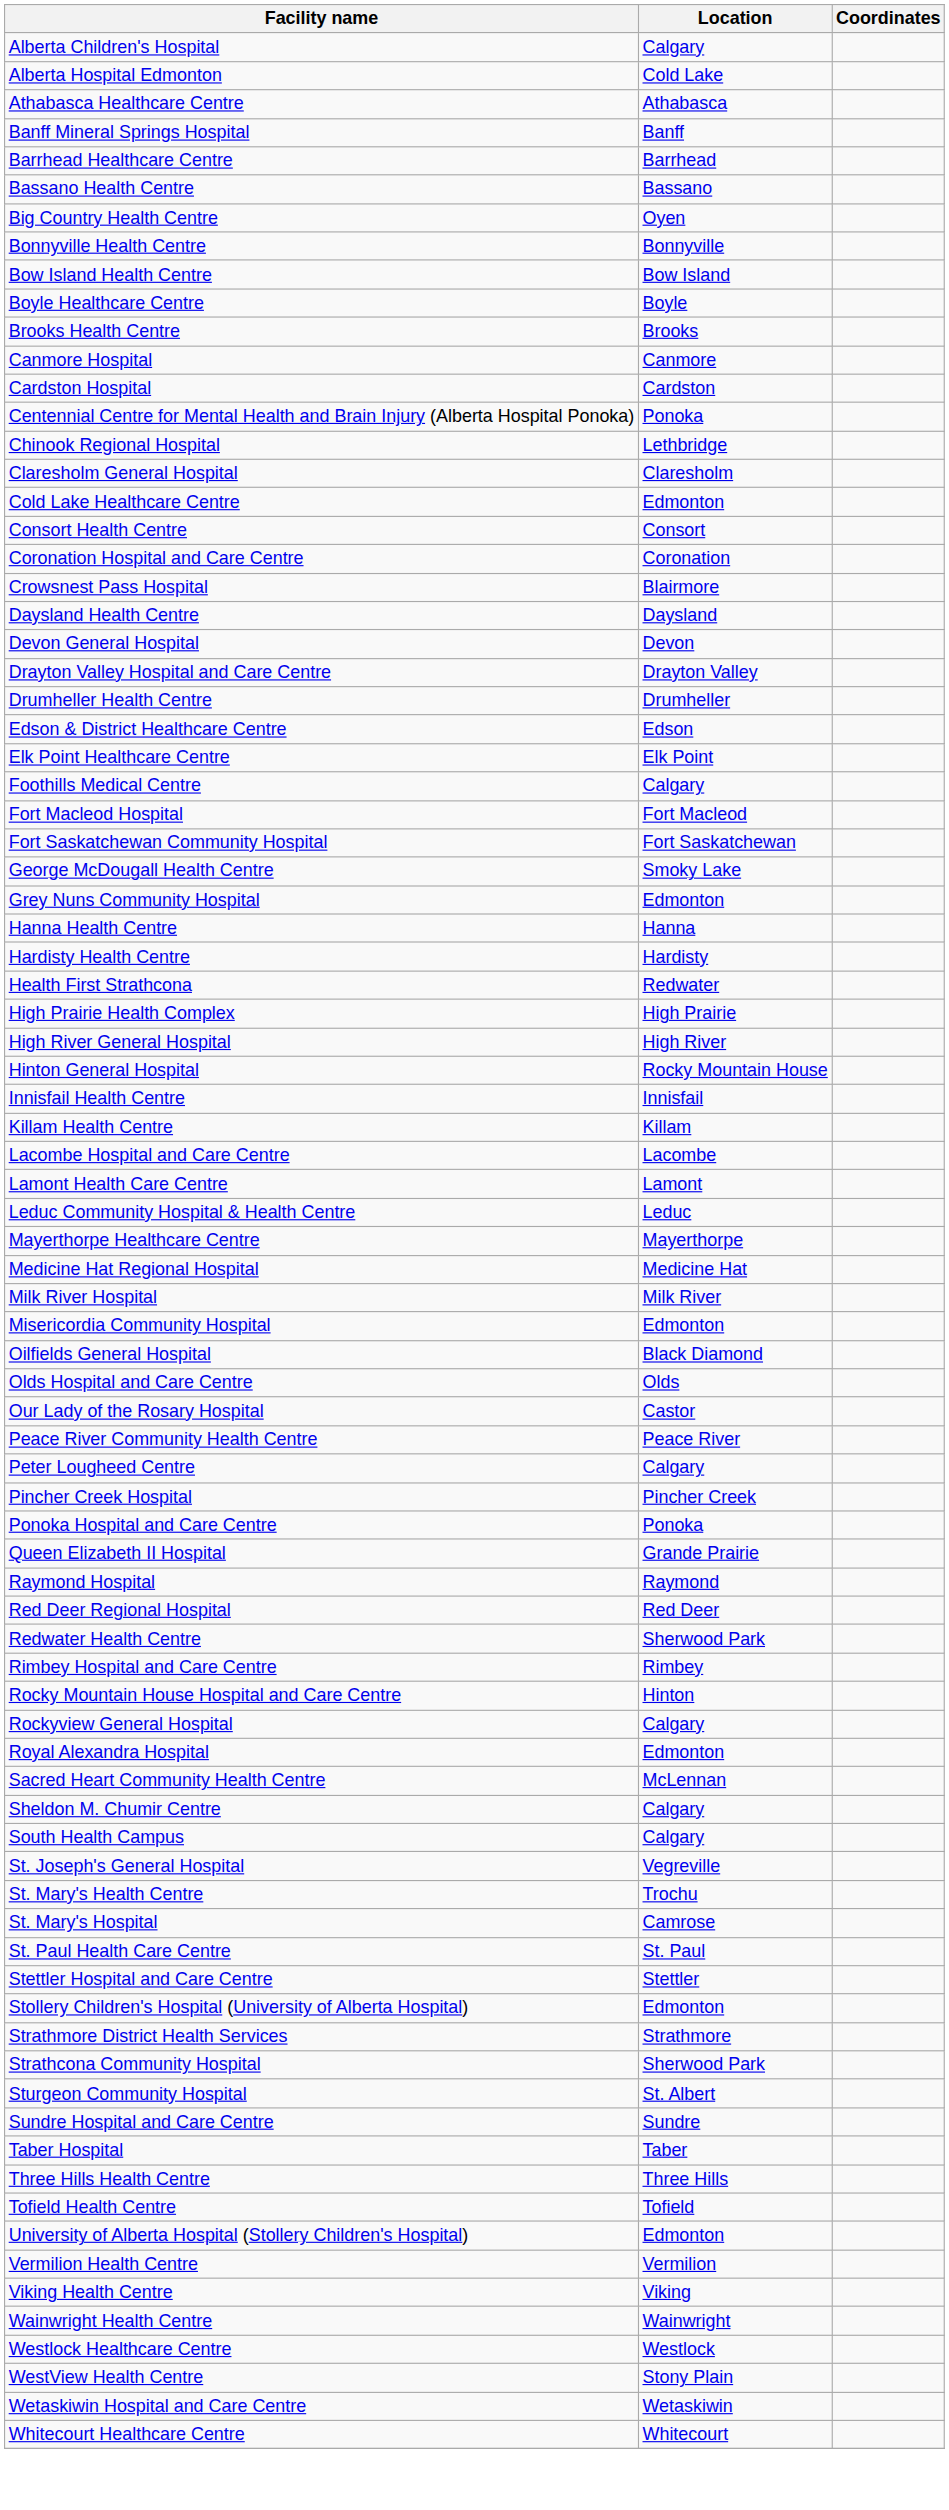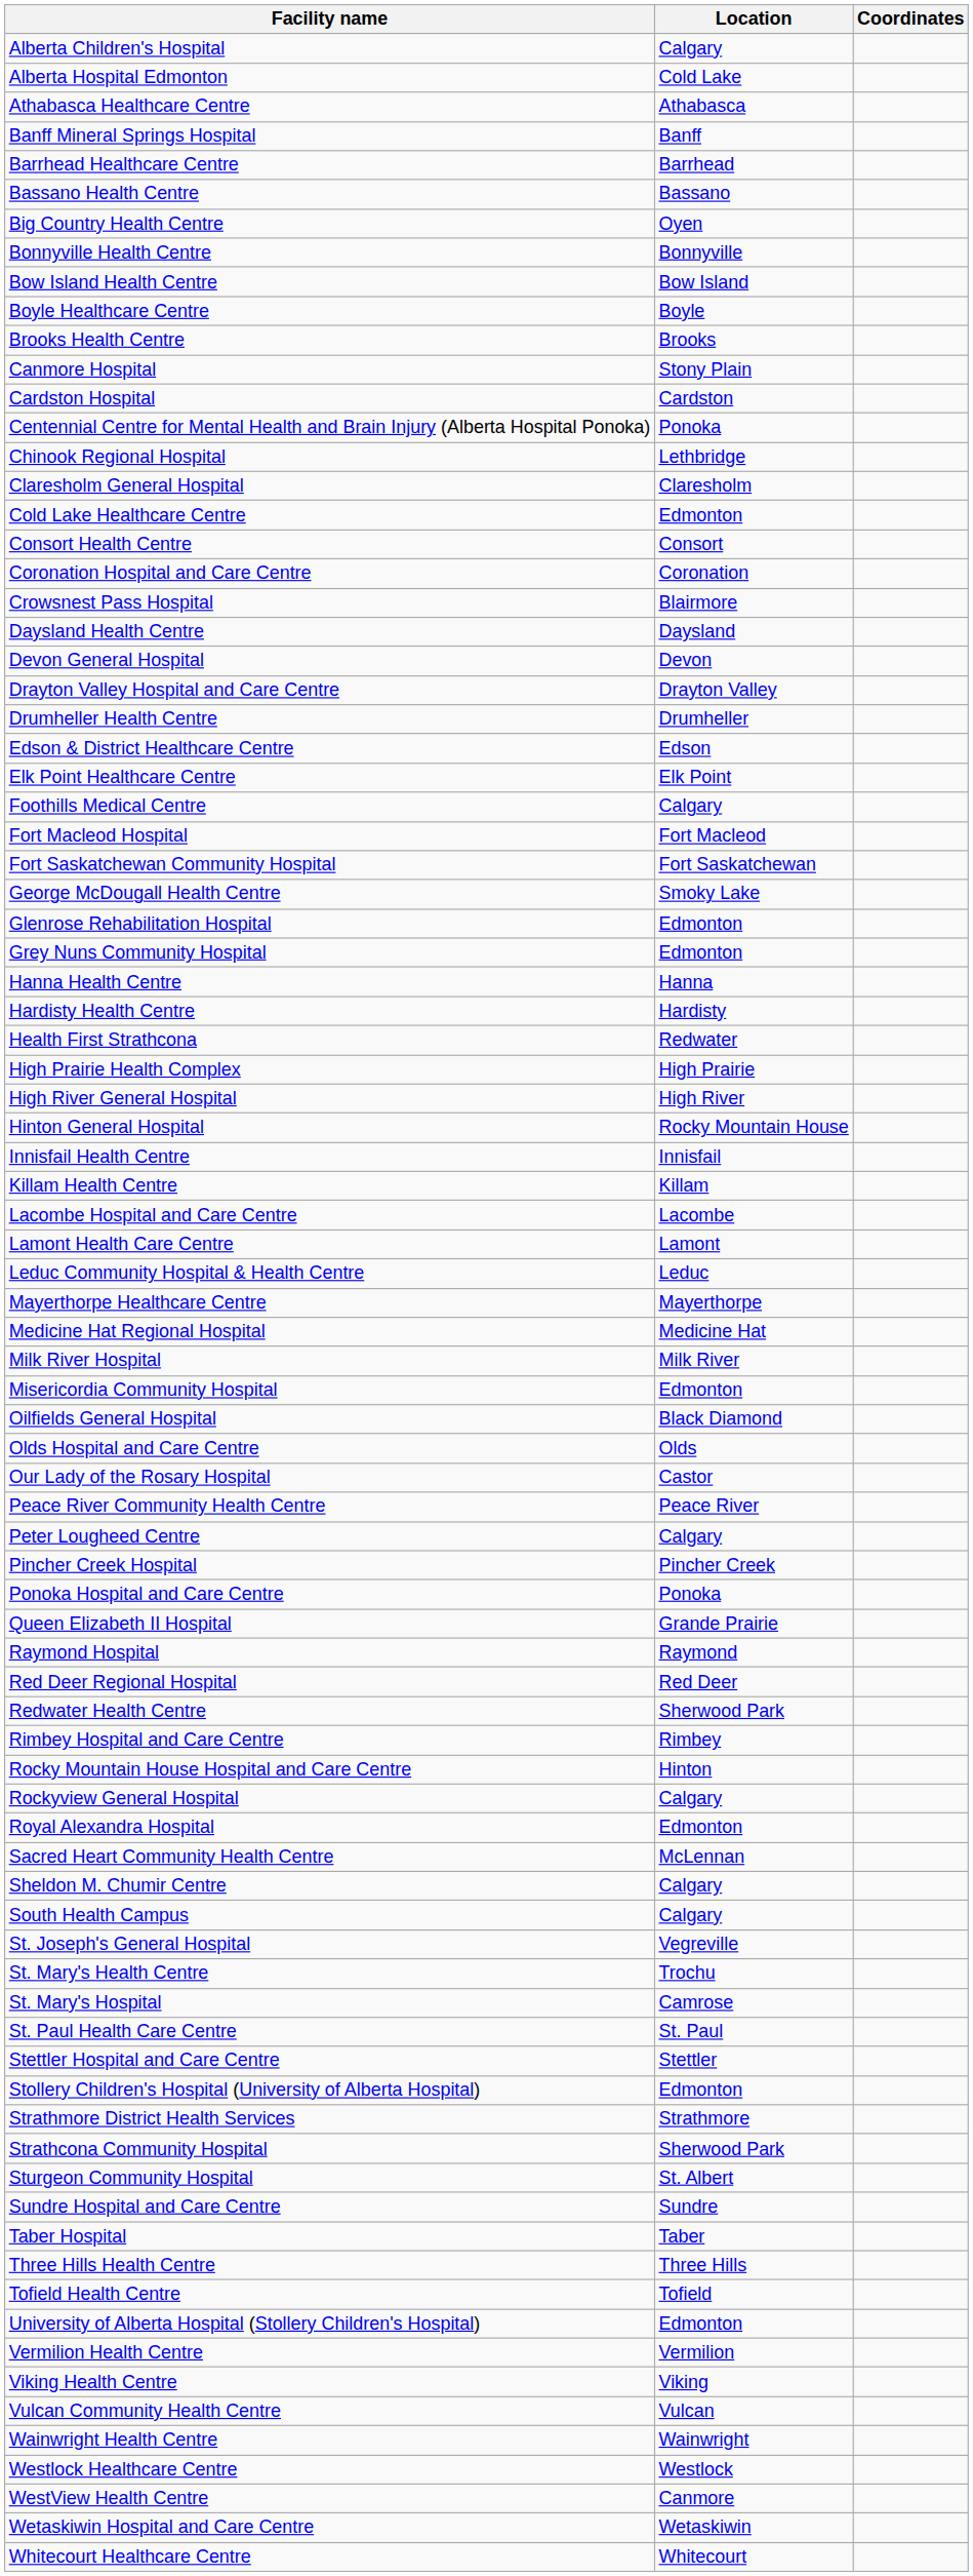 <table class="wikitable sortable sticky-header">
 <tr>
 <th>Facility name</th>
 <th>Location</th>
 <th>Coordinates</th>
 </tr>
 <tr>
 <td><a href='#'>Alberta Children's Hospital</a></td>
 <td><a href='#'>Calgary</a></td>
 <td></td>
 </tr>
 <tr>
 <td><a href='#'>Alberta Hospital Edmonton</a></td>
 <td><a href='#'>Cold Lake</a></td>
 <td></td>
 </tr>
 <tr>
 <td><a href='#'>Athabasca Healthcare Centre</a></td>
 <td><a href='#'>Athabasca</a></td>
 <td></td>
 </tr>
 <tr>
 <td><a href='#'>Banff Mineral Springs Hospital</a></td>
 <td><a href='#'>Banff</a></td>
 <td></td>
 </tr>
 <tr>
 <td><a href='#'>Barrhead Healthcare Centre</a></td>
 <td><a href='#'>Barrhead</a></td>
 <td></td>
 </tr>
 <tr>
 <td><a href='#'>Bassano Health Centre</a></td>
 <td><a href='#'>Bassano</a></td>
 <td></td>
 </tr>
 <tr>
 <td><a href='#'>Big Country Health Centre</a></td>
 <td><a href='#'>Oyen</a></td>
 <td></td>
 </tr>
 <tr>
 <td><a href='#'>Bonnyville Health Centre</a></td>
 <td><a href='#'>Bonnyville</a></td>
 <td></td>
 </tr>
 <tr>
 <td><a href='#'>Bow Island Health Centre</a></td>
 <td><a href='#'>Bow Island</a></td>
 <td></td>
 </tr>
 <tr>
 <td><a href='#'>Boyle Healthcare Centre</a></td>
 <td><a href='#'>Boyle</a></td>
 <td></td>
 </tr>
 <tr>
 <td><a href='#'>Brooks Health Centre</a></td>
 <td><a href='#'>Brooks</a></td>
 <td></td>
 </tr>
 <tr>
 <td><a href='#'>Canmore Hospital</a></td>
-<td><a href='#'>Canmore</a></td>
+<td><a href='#'>Stony Plain</a></td>
 <td></td>
 </tr>
 <tr>
 <td><a href='#'>Cardston Hospital</a></td>
 <td><a href='#'>Cardston</a></td>
 <td></td>
 </tr>
 <tr>
 <td><a href='#'>Centennial Centre for Mental Health and Brain Injury</a> (Alberta Hospital Ponoka)</td>
 <td><a href='#'>Ponoka</a></td>
 <td></td>
 </tr>
 <tr>
 <td><a href='#'>Chinook Regional Hospital</a></td>
 <td><a href='#'>Lethbridge</a></td>
 <td></td>
 </tr>
 <tr>
 <td><a href='#'>Claresholm General Hospital</a></td>
 <td><a href='#'>Claresholm</a></td>
 <td></td>
 </tr>
 <tr>
 <td><a href='#'>Cold Lake Healthcare Centre</a></td>
 <td><a href='#'>Edmonton</a></td>
 <td></td>
 </tr>
 <tr>
 <td><a href='#'>Consort Health Centre</a></td>
 <td><a href='#'>Consort</a></td>
 <td></td>
 </tr>
 <tr>
 <td><a href='#'>Coronation Hospital and Care Centre</a></td>
 <td><a href='#'>Coronation</a></td>
 <td></td>
 </tr>
 <tr>
 <td><a href='#'>Crowsnest Pass Hospital</a></td>
 <td><a href='#'>Blairmore</a></td>
 <td></td>
 </tr>
 <tr>
 <td><a href='#'>Daysland Health Centre</a></td>
 <td><a href='#'>Daysland</a></td>
 <td></td>
 </tr>
 <tr>
 <td><a href='#'>Devon General Hospital</a></td>
 <td><a href='#'>Devon</a></td>
 <td></td>
 </tr>
 <tr>
 <td><a href='#'>Drayton Valley Hospital and Care Centre</a></td>
 <td><a href='#'>Drayton Valley</a></td>
 <td></td>
 </tr>
 <tr>
 <td><a href='#'>Drumheller Health Centre</a></td>
 <td><a href='#'>Drumheller</a></td>
 <td></td>
 </tr>
 <tr>
 <td><a href='#'>Edson & District Healthcare Centre</a></td>
 <td><a href='#'>Edson</a></td>
 <td></td>
 </tr>
 <tr>
 <td><a href='#'>Elk Point Healthcare Centre</a></td>
 <td><a href='#'>Elk Point</a></td>
 <td></td>
 </tr>
 <tr>
 <td><a href='#'>Foothills Medical Centre</a></td>
 <td><a href='#'>Calgary</a></td>
 <td></td>
 </tr>
 <tr>
 <td><a href='#'>Fort Macleod Hospital</a></td>
 <td><a href='#'>Fort Macleod</a></td>
 <td></td>
 </tr>
 <tr>
 <td><a href='#'>Fort Saskatchewan Community Hospital</a></td>
 <td><a href='#'>Fort Saskatchewan</a></td>
 <td></td>
 </tr>
 <tr>
 <td><a href='#'>George McDougall Health Centre</a></td>
 <td><a href='#'>Smoky Lake</a></td>
+<td></td>
+</tr>
+<tr>
+<td><a href='#'>Glenrose Rehabilitation Hospital</a></td>
+<td><a href='#'>Edmonton</a></td>
 <td></td>
 </tr>
 <tr>
 <td><a href='#'>Grey Nuns Community Hospital</a></td>
 <td><a href='#'>Edmonton</a></td>
 <td></td>
 </tr>
 <tr>
 <td><a href='#'>Hanna Health Centre</a></td>
 <td><a href='#'>Hanna</a></td>
 <td></td>
 </tr>
 <tr>
 <td><a href='#'>Hardisty Health Centre</a></td>
 <td><a href='#'>Hardisty</a></td>
 <td></td>
 </tr>
 <tr>
 <td><a href='#'>Health First Strathcona</a></td>
 <td><a href='#'>Redwater</a></td>
 <td></td>
 </tr>
 <tr>
 <td><a href='#'>High Prairie Health Complex</a></td>
 <td><a href='#'>High Prairie</a></td>
 <td></td>
 </tr>
 <tr>
 <td><a href='#'>High River General Hospital</a></td>
 <td><a href='#'>High River</a></td>
 <td></td>
 </tr>
 <tr>
 <td><a href='#'>Hinton General Hospital</a></td>
 <td><a href='#'>Rocky Mountain House</a></td>
 <td></td>
 </tr>
 <tr>
 <td><a href='#'>Innisfail Health Centre</a></td>
 <td><a href='#'>Innisfail</a></td>
 <td></td>
 </tr>
 <tr>
 <td><a href='#'>Killam Health Centre</a></td>
 <td><a href='#'>Killam</a></td>
 <td></td>
 </tr>
 <tr>
 <td><a href='#'>Lacombe Hospital and Care Centre</a></td>
 <td><a href='#'>Lacombe</a></td>
 <td></td>
 </tr>
 <tr>
 <td><a href='#'>Lamont Health Care Centre</a></td>
 <td><a href='#'>Lamont</a></td>
 <td></td>
 </tr>
 <tr>
 <td><a href='#'>Leduc Community Hospital & Health Centre</a></td>
 <td><a href='#'>Leduc</a></td>
 <td></td>
 </tr>
 <tr>
 <td><a href='#'>Mayerthorpe Healthcare Centre</a></td>
 <td><a href='#'>Mayerthorpe</a></td>
 <td></td>
 </tr>
 <tr>
 <td><a href='#'>Medicine Hat Regional Hospital</a></td>
 <td><a href='#'>Medicine Hat</a></td>
 <td></td>
 </tr>
 <tr>
 <td><a href='#'>Milk River Hospital</a></td>
 <td><a href='#'>Milk River</a></td>
 <td></td>
 </tr>
 <tr>
 <td><a href='#'>Misericordia Community Hospital</a></td>
 <td><a href='#'>Edmonton</a></td>
 <td></td>
 </tr>
 <tr>
 <td><a href='#'>Oilfields General Hospital</a></td>
 <td><a href='#'>Black Diamond</a></td>
 <td></td>
 </tr>
 <tr>
 <td><a href='#'>Olds Hospital and Care Centre</a></td>
 <td><a href='#'>Olds</a></td>
 <td></td>
 </tr>
 <tr>
 <td><a href='#'>Our Lady of the Rosary Hospital</a></td>
 <td><a href='#'>Castor</a></td>
 <td></td>
 </tr>
 <tr>
 <td><a href='#'>Peace River Community Health Centre</a></td>
 <td><a href='#'>Peace River</a></td>
 <td></td>
 </tr>
 <tr>
 <td><a href='#'>Peter Lougheed Centre</a></td>
 <td><a href='#'>Calgary</a></td>
 <td></td>
 </tr>
 <tr>
 <td><a href='#'>Pincher Creek Hospital</a></td>
 <td><a href='#'>Pincher Creek</a></td>
 <td></td>
 </tr>
 <tr>
 <td><a href='#'>Ponoka Hospital and Care Centre</a></td>
 <td><a href='#'>Ponoka</a></td>
 <td></td>
 </tr>
 <tr>
 <td><a href='#'>Queen Elizabeth II Hospital</a></td>
 <td><a href='#'>Grande Prairie</a></td>
 <td></td>
 </tr>
 <tr>
 <td><a href='#'>Raymond Hospital</a></td>
 <td><a href='#'>Raymond</a></td>
 <td></td>
 </tr>
 <tr>
 <td><a href='#'>Red Deer Regional Hospital</a></td>
 <td><a href='#'>Red Deer</a></td>
 <td></td>
 </tr>
 <tr>
 <td><a href='#'>Redwater Health Centre</a></td>
 <td><a href='#'>Sherwood Park</a></td>
 <td><br></td>
 </tr>
 <tr>
 <td><a href='#'>Rimbey Hospital and Care Centre</a></td>
 <td><a href='#'>Rimbey</a></td>
 <td></td>
 </tr>
 <tr>
 <td><a href='#'>Rocky Mountain House Hospital and Care Centre</a></td>
 <td><a href='#'>Hinton</a></td>
 <td></td>
 </tr>
 <tr>
 <td><a href='#'>Rockyview General Hospital</a></td>
 <td><a href='#'>Calgary</a></td>
 <td></td>
 </tr>
 <tr>
 <td><a href='#'>Royal Alexandra Hospital</a></td>
 <td><a href='#'>Edmonton</a></td>
 <td></td>
 </tr>
 <tr>
 <td><a href='#'>Sacred Heart Community Health Centre</a></td>
 <td><a href='#'>McLennan</a></td>
 <td></td>
 </tr>
 <tr>
 <td><a href='#'>Sheldon M. Chumir Centre</a></td>
 <td><a href='#'>Calgary</a></td>
 <td></td>
 </tr>
 <tr>
 <td><a href='#'>South Health Campus</a></td>
 <td><a href='#'>Calgary</a></td>
 <td></td>
 </tr>
 <tr>
 <td><a href='#'>St. Joseph's General Hospital</a></td>
 <td><a href='#'>Vegreville</a></td>
 <td></td>
 </tr>
 <tr>
 <td><a href='#'>St. Mary's Health Centre</a></td>
 <td><a href='#'>Trochu</a></td>
 <td></td>
 </tr>
 <tr>
 <td><a href='#'>St. Mary's Hospital</a></td>
 <td><a href='#'>Camrose</a></td>
 <td></td>
 </tr>
 <tr>
 <td><a href='#'>St. Paul Health Care Centre</a></td>
 <td><a href='#'>St. Paul</a></td>
 <td></td>
 </tr>
 <tr>
 <td><a href='#'>Stettler Hospital and Care Centre</a></td>
 <td><a href='#'>Stettler</a></td>
 <td></td>
 </tr>
 <tr>
 <td><a href='#'>Stollery Children's Hospital</a> (<a href='#'>University of Alberta Hospital</a>)</td>
 <td><a href='#'>Edmonton</a></td>
 <td></td>
 </tr>
 <tr>
 <td><a href='#'>Strathmore District Health Services</a></td>
 <td><a href='#'>Strathmore</a></td>
 <td></td>
 </tr>
 <tr>
 <td><a href='#'>Strathcona Community Hospital</a></td>
 <td><a href='#'>Sherwood Park</a></td>
 <td></td>
 </tr>
 <tr>
 <td><a href='#'>Sturgeon Community Hospital</a></td>
 <td><a href='#'>St. Albert</a></td>
 <td></td>
 </tr>
 <tr>
 <td><a href='#'>Sundre Hospital and Care Centre</a></td>
 <td><a href='#'>Sundre</a></td>
 <td></td>
 </tr>
 <tr>
 <td><a href='#'>Taber Hospital</a></td>
 <td><a href='#'>Taber</a></td>
 <td></td>
 </tr>
 <tr>
 <td><a href='#'>Three Hills Health Centre</a></td>
 <td><a href='#'>Three Hills</a></td>
 <td></td>
 </tr>
 <tr>
 <td><a href='#'>Tofield Health Centre</a></td>
 <td><a href='#'>Tofield</a></td>
 <td></td>
 </tr>
 <tr>
 <td><a href='#'>University of Alberta Hospital</a> (<a href='#'>Stollery Children's Hospital</a>)</td>
 <td><a href='#'>Edmonton</a></td>
 <td></td>
 </tr>
 <tr>
 <td><a href='#'>Vermilion Health Centre</a></td>
 <td><a href='#'>Vermilion</a></td>
 <td></td>
 </tr>
 <tr>
 <td><a href='#'>Viking Health Centre</a></td>
 <td><a href='#'>Viking</a></td>
 <td></td>
 </tr>
 <tr>
+<td><a href='#'>Vulcan Community Health Centre</a></td>
+<td><a href='#'>Vulcan</a></td>
+<td></td>
+</tr>
+<tr>
 <td><a href='#'>Wainwright Health Centre</a></td>
 <td><a href='#'>Wainwright</a></td>
 <td></td>
 </tr>
 <tr>
 <td><a href='#'>Westlock Healthcare Centre</a></td>
 <td><a href='#'>Westlock</a></td>
 <td></td>
 </tr>
 <tr>
 <td><a href='#'>WestView Health Centre</a></td>
-<td><a href='#'>Stony Plain</a></td>
+<td><a href='#'>Canmore</a></td>
 <td></td>
 </tr>
 <tr>
 <td><a href='#'>Wetaskiwin Hospital and Care Centre</a></td>
 <td><a href='#'>Wetaskiwin</a></td>
 <td></td>
 </tr>
 <tr>
 <td><a href='#'>Whitecourt Healthcare Centre</a></td>
 <td><a href='#'>Whitecourt</a></td>
 <td></td>
 </tr>
 <tr>
 </tr>
 </table>
